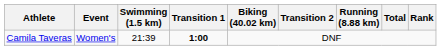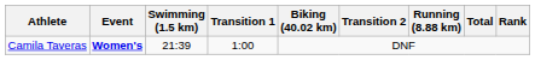 <table class=wikitable style=font-size:90%;text-align:center>
 <tr>
 <th>Athlete</th>
 <th>Event</th>
 <th>Swimming<br><span>(1.5 km)</span></th>
 <th>Transition 1</th>
 <th>Biking<br><span>(40.02 km)</span></th>
 <th>Transition 2</th>
 <th>Running<br><span>(8.88 km)</span></th>
 <th>Total</th>
 <th>Rank</th>
 </tr>
 <tr>
 <td style="text-align:left"><a href='#'>Camila Taveras</a></td>
-<td style="text-align:left"><a href='#'>Women's</a></td>
+<td style="text-align:left"><strong><a href='#'>Women's</a></strong></td>
 <td>21:39</td>
-<td><strong>1:00</strong></td>
+<td>1:00</td>
 <td colspan=5>DNF</td>
 </tr>
 </table>
